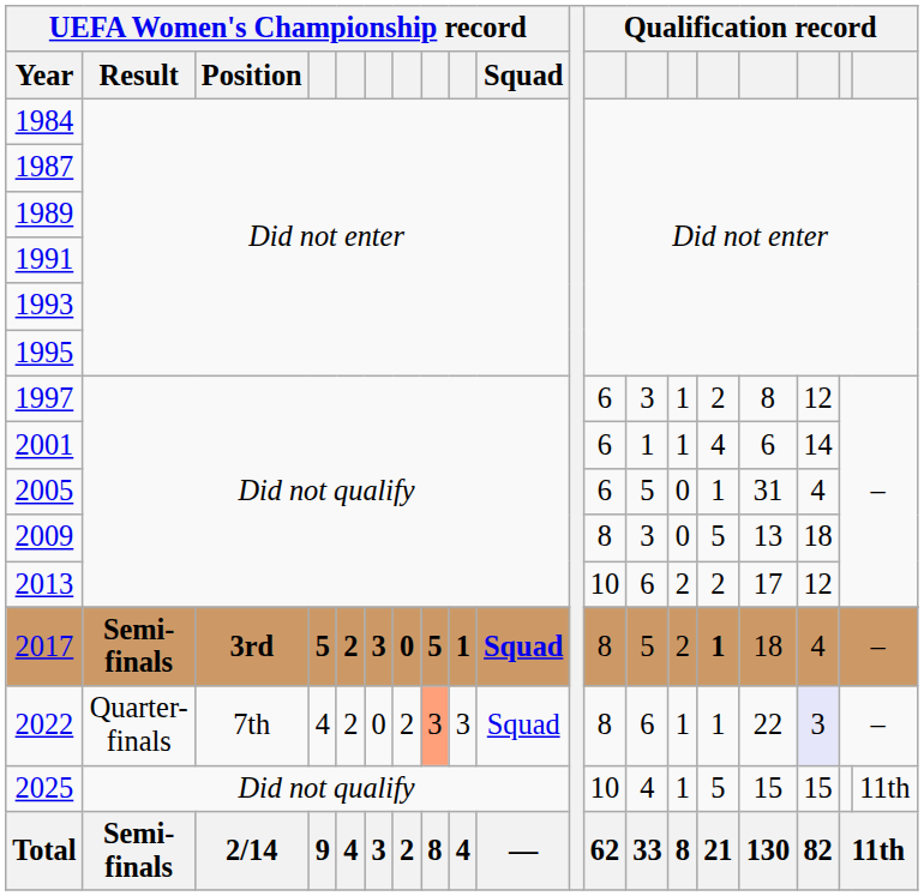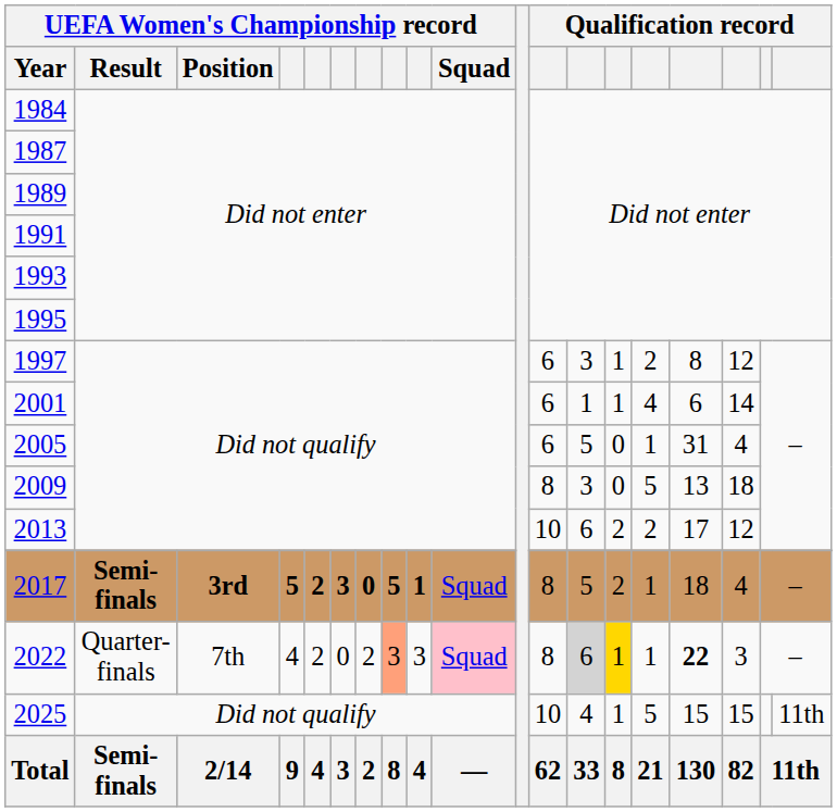 <table class="wikitable" style="text-align: center; width:75%;">
 <tr>
 <th colspan=10><a href='#'>UEFA Women's Championship</a> record</th>
 <th width=1% rowspan=99></th>
 <th colspan=8>Qualification record</th>
 </tr>
 <tr>
 <th>Year</th>
 <th>Result</th>
 <th>Position</th>
 <th></th>
 <th></th>
 <th></th>
 <th></th>
 <th></th>
 <th></th>
 <th>Squad<br></th>
 <th></th>
 <th></th>
 <th></th>
 <th></th>
 <th></th>
 <th></th>
 <th></th>
 <th></th>
 </tr>
 <tr>
 <td><a href='#'>1984</a></td>
 <td colspan=9 rowspan=6><em>Did not enter</em></td>
 <td colspan=8 rowspan=6><em>Did not enter</em></td>
 </tr>
 <tr>
 <td> <a href='#'>1987</a></td>
 </tr>
 <tr>
 <td> <a href='#'>1989</a></td>
 </tr>
 <tr>
 <td> <a href='#'>1991</a></td>
 </tr>
 <tr>
 <td> <a href='#'>1993</a></td>
 </tr>
 <tr>
 <td> <a href='#'>1995</a></td>
 </tr>
 <tr>
 <td>  <a href='#'>1997</a></td>
 <td colspan=9 rowspan=5><em>Did not qualify</em></td>
 <td>6</td>
 <td>3</td>
 <td>1</td>
 <td>2</td>
 <td>8</td>
 <td>12</td>
 <td colspan=2 rowspan=5>–</td>
 </tr>
 <tr>
 <td> <a href='#'>2001</a></td>
 <td>6</td>
 <td>1</td>
 <td>1</td>
 <td>4</td>
 <td>6</td>
 <td>14</td>
 </tr>
 <tr>
 <td> <a href='#'>2005</a></td>
 <td>6</td>
 <td>5</td>
 <td>0</td>
 <td>1</td>
 <td>31</td>
 <td>4</td>
 </tr>
 <tr>
 <td> <a href='#'>2009</a></td>
 <td>8</td>
 <td>3</td>
 <td>0</td>
 <td>5</td>
 <td>13</td>
 <td>18</td>
 </tr>
 <tr>
 <td> <a href='#'>2013</a></td>
 <td>10</td>
 <td>6</td>
 <td>2</td>
 <td>2</td>
 <td>17</td>
 <td>12</td>
 </tr>
 <tr>
 </tr>
 <tr style="background:#cc9966">
 <td> <a href='#'>2017</a></td>
 <td><strong>Semi-finals</strong></td>
 <td><strong>3rd</strong></td>
 <td><strong>5</strong></td>
 <td><strong>2</strong></td>
 <td><strong>3</strong></td>
 <td><strong>0</strong></td>
 <td><strong>5</strong></td>
 <td><strong>1</strong></td>
-<td><strong><a href='#'>Squad</a></strong></td>
+<td><a href='#'>Squad</a></td>
 <td>8</td>
 <td>5</td>
 <td>2</td>
-<td><strong>1</strong></td>
+<td>1</td>
 <td>18</td>
 <td>4</td>
 <td colspan=2>–</td>
 </tr>
 <tr>
 <td> <a href='#'>2022</a></td>
 <td>Quarter-finals</td>
 <td>7th</td>
 <td>4</td>
 <td>2</td>
 <td>0</td>
 <td>2</td>
 <td style="background: lightsalmon;">3</td>
 <td>3</td>
-<td><a href='#'>Squad</a></td>
+<td style="background: pink;"><a href='#'>Squad</a></td>
 <td>8</td>
-<td>6</td>
+<td style="background: lightgrey;">6</td>
+<td style="background: gold;">1</td>
 <td>1</td>
-<td>1</td>
-<td>22</td>
-<td style="background: lavender;">3</td>
+<td><strong>22</strong></td>
+<td>3</td>
 <td colspan=2>–</td>
 </tr>
 <tr>
 <td> <a href='#'>2025</a></td>
 <td colspan=9><em>Did not qualify</em></td>
 <td>10</td>
 <td>4</td>
 <td>1</td>
 <td>5</td>
 <td>15</td>
 <td>15</td>
 <td></td>
 <td>11th</td>
 </tr>
 <tr>
 <th>Total</th>
 <th>Semi-finals</th>
 <th>2/14</th>
 <th>9</th>
 <th>4</th>
 <th>3</th>
 <th>2</th>
 <th>8</th>
 <th>4</th>
 <th>—</th>
 <th>62</th>
 <th>33</th>
 <th>8</th>
 <th>21</th>
 <th>130</th>
 <th>82</th>
 <th colspan=2>11th</th>
 </tr>
 </table>
